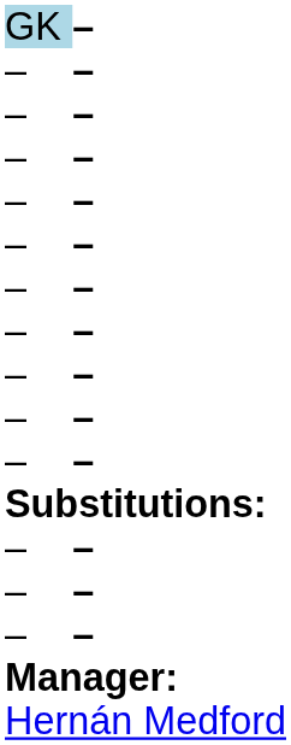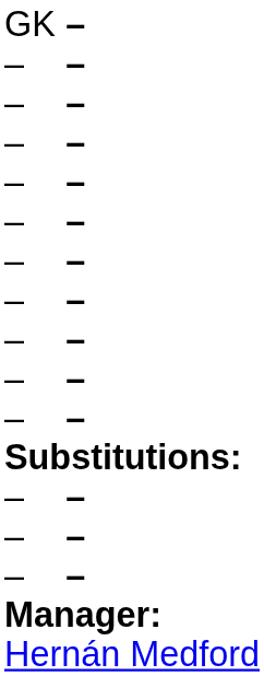 <table style = "font-size: 90%" cellspacing = "0" cellpadding = "0">
 <tr>
 <td colspan = 4></td>
 </tr>
 <tr>
 <th style="width:25px;"></th>
 <th style="width:25px;"></th>
 </tr>
 <tr>
-<td style="background: lightblue;">GK</td>
+<td>GK</td>
 <td><strong>–</strong></td>
 <td></td>
 </tr>
 <tr>
 <td>–</td>
 <td><strong>–</strong></td>
 <td></td>
 </tr>
 <tr>
 <td>–</td>
 <td><strong>–</strong></td>
 <td></td>
 </tr>
 <tr>
 <td>–</td>
 <td><strong>–</strong></td>
 <td></td>
 </tr>
 <tr>
 <td>–</td>
 <td><strong>–</strong></td>
 <td></td>
 </tr>
 <tr>
 <td>–</td>
 <td><strong>–</strong></td>
 <td></td>
 </tr>
 <tr>
 <td>–</td>
 <td><strong>–</strong></td>
 <td></td>
 </tr>
 <tr>
 <td>–</td>
 <td><strong>–</strong></td>
 <td></td>
 </tr>
 <tr>
 <td>–</td>
 <td><strong>–</strong></td>
 <td></td>
 </tr>
 <tr>
 <td>–</td>
 <td><strong>–</strong></td>
 <td></td>
 </tr>
 <tr>
 <td>–</td>
 <td><strong>–</strong></td>
 <td></td>
 </tr>
 <tr>
 <td colspan = 3><strong>Substitutions:</strong></td>
 </tr>
 <tr>
 <td>–</td>
 <td><strong>–</strong></td>
 <td></td>
 </tr>
 <tr>
 <td>–</td>
 <td><strong>–</strong></td>
 <td></td>
 </tr>
 <tr>
 <td>–</td>
 <td><strong>–</strong></td>
 <td></td>
 </tr>
 <tr>
 <td colspan = 3><strong>Manager:</strong></td>
 </tr>
 <tr>
 <td colspan = 3> <a href='#'>Hernán Medford</a></td>
 </tr>
 </table>
